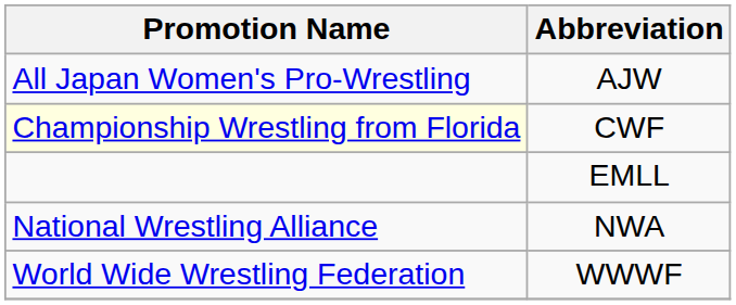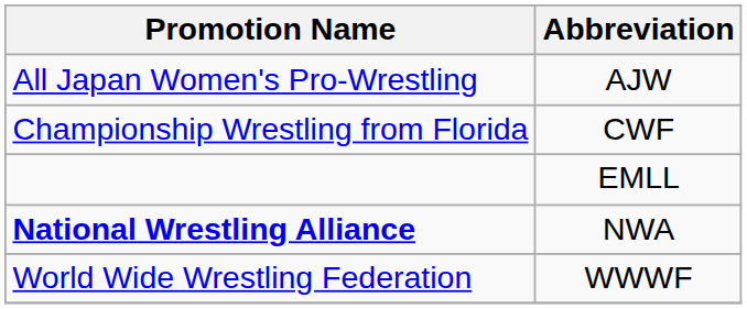 <table class="wikitable">
 <tr>
 <th>Promotion Name</th>
 <th>Abbreviation</th>
 </tr>
 <tr>
 <td><a href='#'>All Japan Women's Pro-Wrestling</a></td>
 <td align=center>AJW</td>
 </tr>
 <tr>
-<td style="background: lightyellow;"><a href='#'>Championship Wrestling from Florida</a></td>
+<td><a href='#'>Championship Wrestling from Florida</a></td>
 <td align=center>CWF</td>
 </tr>
 <tr>
 <td></td>
 <td align=center>EMLL</td>
 </tr>
 <tr>
-<td><a href='#'>National Wrestling Alliance</a></td>
+<td><strong><a href='#'>National Wrestling Alliance</a></strong></td>
 <td align=center>NWA</td>
 </tr>
 <tr>
 <td><a href='#'>World Wide Wrestling Federation</a></td>
 <td align=center>WWWF</td>
 </tr>
 <tr>
 </tr>
 </table>
